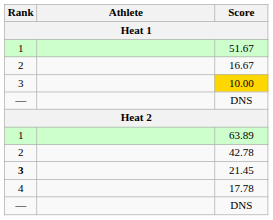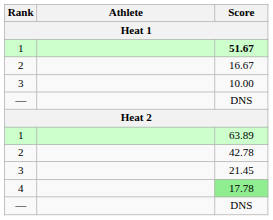 <table class="wikitable" style="text-align:center;">
 <tr>
 <th width=40>Rank</th>
 <th width=250>Athlete</th>
 <th width=70>Score</th>
 </tr>
 <tr>
 <th colspan=3>Heat 1</th>
 </tr>
 <tr bgcolor="ccffcc">
 <td>1</td>
 <td align=left></td>
-<td>51.67</td>
+<td><strong>51.67</strong></td>
 </tr>
 <tr>
 <td>2</td>
 <td align=left></td>
 <td>16.67</td>
 </tr>
 <tr>
 <td>3</td>
 <td align=left></td>
-<td style="background: gold;">10.00</td>
+<td>10.00</td>
 </tr>
 <tr>
 <td>—</td>
 <td align=left></td>
 <td>DNS</td>
 </tr>
 <tr>
 <th colspan=3>Heat 2</th>
 </tr>
 <tr bgcolor="ccffcc">
 <td>1</td>
 <td align=left></td>
 <td>63.89</td>
 </tr>
 <tr>
 <td>2</td>
 <td align=left></td>
 <td>42.78</td>
 </tr>
 <tr>
-<td><strong>3</strong></td>
+<td>3</td>
 <td align=left></td>
 <td>21.45</td>
 </tr>
 <tr>
 <td>4</td>
 <td align=left></td>
-<td>17.78</td>
+<td style="background: lightgreen;">17.78</td>
 </tr>
 <tr>
 <td>—</td>
 <td align=left></td>
 <td>DNS</td>
 </tr>
 </table>
